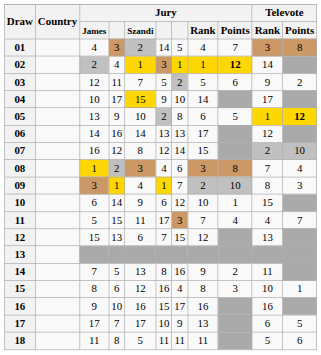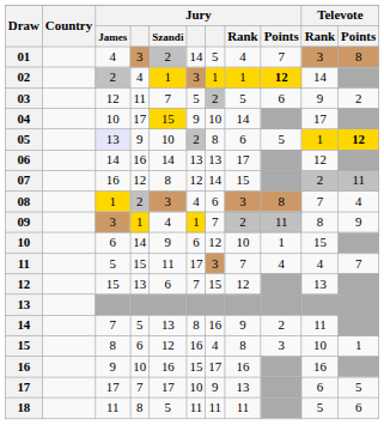 <table class="sortable wikitable collapsible plainrowheaders" style="text-align:center;">
 <tr>
 </tr>
 <tr>
 <th scope="col" rowspan="2">Draw</th>
 <th scope="col" rowspan="2">Country</th>
 <th scope="col" colspan="7">Jury</th>
 <th scope="col" colspan="2">Televote</th>
 </tr>
 <tr>
 <th scope="col"><small>James</small></th>
 <th scope="col"><small></small></th>
 <th scope="col"><small>Szandi</small></th>
 <th scope="col"><small></small></th>
 <th scope="col"><small></small></th>
 <th scope="col">Rank</th>
 <th scope="col">Points</th>
 <th scope="col">Rank</th>
 <th scope="col">Points</th>
 </tr>
 <tr>
 <th scope="row" style="text-align:center;">01</th>
 <td style="text-align:left;"></td>
 <td>4</td>
 <td style="background:#CC9966;">3</td>
 <td style="background:silver;">2</td>
 <td>14</td>
 <td>5</td>
 <td>4</td>
 <td>7</td>
 <td style="background:#CC9966;">3</td>
 <td style="background:#CC9966;">8</td>
 </tr>
 <tr>
 <th scope="row" style="text-align:center;">02</th>
 <td style="text-align:left;"></td>
 <td style="background:silver;">2</td>
 <td>4</td>
 <td style="background:gold;">1</td>
 <td style="background:#CC9966;">3</td>
 <td style="background:gold;">1</td>
 <td style="background:gold;">1</td>
 <td style="background:gold;"><strong>12</strong></td>
 <td>14</td>
 <td style="background:#AAAAAA;"></td>
 </tr>
 <tr>
 <th scope="row" style="text-align:center;">03</th>
 <td style="text-align:left;"></td>
 <td>12</td>
 <td>11</td>
 <td>7</td>
 <td>5</td>
 <td style="background:silver;">2</td>
 <td>5</td>
 <td>6</td>
 <td>9</td>
 <td>2</td>
 </tr>
 <tr>
 <th scope="row" style="text-align:center;">04</th>
 <td style="text-align:left;"></td>
 <td>10</td>
 <td>17</td>
 <td style="background: gold;">15</td>
 <td>9</td>
 <td>10</td>
 <td>14</td>
 <td style="background:#AAAAAA;"></td>
 <td>17</td>
 <td style="background:#AAAAAA;"></td>
 </tr>
 <tr>
 <th scope="row" style="text-align:center;">05</th>
 <td style="text-align:left;"></td>
-<td>13</td>
+<td style="background: lavender;">13</td>
 <td>9</td>
 <td>10</td>
 <td style="background:silver;">2</td>
 <td>8</td>
 <td>6</td>
 <td>5</td>
 <td style="background:gold;">1</td>
 <td style="background:gold;"><strong>12</strong></td>
 </tr>
 <tr>
 <th scope="row" style="text-align:center;">06</th>
 <td style="text-align:left;"></td>
 <td>14</td>
 <td>16</td>
 <td>14</td>
 <td>13</td>
 <td>13</td>
 <td>17</td>
 <td style="background:#AAAAAA;"></td>
 <td>12</td>
 <td style="background:#AAAAAA;"></td>
 </tr>
 <tr>
 <th scope="row" style="text-align:center;">07</th>
 <td style="text-align:left;"></td>
 <td>16</td>
 <td>12</td>
 <td>8</td>
 <td>12</td>
 <td>14</td>
 <td>15</td>
 <td style="background:#AAAAAA;"></td>
 <td style="background:silver;">2</td>
-<td style="background:silver;">10</td>
+<td style="background:silver;">11</td>
 </tr>
 <tr>
 <th scope="row" style="text-align:center;">08</th>
 <td style="text-align:left;"></td>
 <td style="background:gold;">1</td>
 <td style="background:silver;">2</td>
 <td style="background:#CC9966;">3</td>
 <td>4</td>
 <td>6</td>
 <td style="background:#CC9966;">3</td>
 <td style="background:#CC9966;">8</td>
 <td>7</td>
 <td>4</td>
 </tr>
 <tr>
 <th scope="row" style="text-align:center;">09</th>
 <td style="text-align:left;"></td>
 <td style="background:#CC9966;">3</td>
 <td style="background:gold;">1</td>
 <td>4</td>
 <td style="background:gold;">1</td>
 <td>7</td>
 <td style="background:silver;">2</td>
-<td style="background:silver;">10</td>
+<td style="background:silver;">11</td>
 <td>8</td>
-<td>3</td>
+<td>9</td>
 </tr>
 <tr>
 <th scope="row" style="text-align:center;">10</th>
 <td style="text-align:left;"></td>
 <td>6</td>
 <td>14</td>
 <td>9</td>
 <td>6</td>
 <td>12</td>
 <td>10</td>
 <td>1</td>
 <td>15</td>
 <td style="background:#AAAAAA;"></td>
 </tr>
 <tr>
 <th scope="row" style="text-align:center;">11</th>
 <td style="text-align:left;"></td>
 <td>5</td>
 <td>15</td>
 <td>11</td>
 <td>17</td>
 <td style="background:#CC9966;">3</td>
 <td>7</td>
 <td>4</td>
 <td>4</td>
 <td>7</td>
 </tr>
 <tr>
 <th scope="row" style="text-align:center;">12</th>
 <td style="text-align:left;"></td>
 <td>15</td>
 <td>13</td>
 <td>6</td>
 <td>7</td>
 <td>15</td>
 <td>12</td>
 <td style="background:#AAAAAA;"></td>
 <td>13</td>
 <td style="background:#AAAAAA;"></td>
 </tr>
 <tr class="sortbottom">
 <th scope="row" style="text-align:center;">13</th>
 <td style="text-align:left;"></td>
 <td style="background:#AAAAAA;"></td>
 <td style="background:#AAAAAA;"></td>
 <td style="background:#AAAAAA;"></td>
 <td style="background:#AAAAAA;"></td>
 <td style="background:#AAAAAA;"></td>
 <td style="background:#AAAAAA;"></td>
 <td style="background:#AAAAAA;"></td>
 <td style="background:#AAAAAA;"></td>
 <td style="background:#AAAAAA;"></td>
 </tr>
 <tr>
 <th scope="row" style="text-align:center;">14</th>
 <td style="text-align:left;"></td>
 <td>7</td>
 <td>5</td>
 <td>13</td>
 <td>8</td>
 <td>16</td>
 <td>9</td>
 <td>2</td>
 <td>11</td>
 <td style="background:#AAAAAA;"></td>
 </tr>
 <tr>
 <th scope="row" style="text-align:center;">15</th>
 <td style="text-align:left;"></td>
 <td>8</td>
 <td>6</td>
 <td>12</td>
 <td>16</td>
 <td>4</td>
 <td>8</td>
 <td>3</td>
 <td>10</td>
 <td>1</td>
 </tr>
 <tr>
 <th scope="row" style="text-align:center;">16</th>
 <td style="text-align:left;"></td>
 <td>9</td>
 <td>10</td>
 <td>16</td>
 <td>15</td>
 <td>17</td>
 <td>16</td>
 <td style="background:#AAAAAA;"></td>
 <td>16</td>
 <td style="background:#AAAAAA;"></td>
 </tr>
 <tr>
 <th scope="row" style="text-align:center;">17</th>
 <td style="text-align:left;"></td>
 <td>17</td>
 <td>7</td>
 <td>17</td>
 <td>10</td>
 <td>9</td>
 <td>13</td>
 <td style="background:#AAAAAA;"></td>
 <td>6</td>
 <td>5</td>
 </tr>
 <tr>
 <th scope="row" style="text-align:center;">18</th>
 <td style="text-align:left;"></td>
 <td>11</td>
 <td>8</td>
 <td>5</td>
 <td>11</td>
 <td>11</td>
 <td>11</td>
 <td style="background:#AAAAAA;"></td>
 <td>5</td>
 <td>6</td>
 </tr>
 </table>
